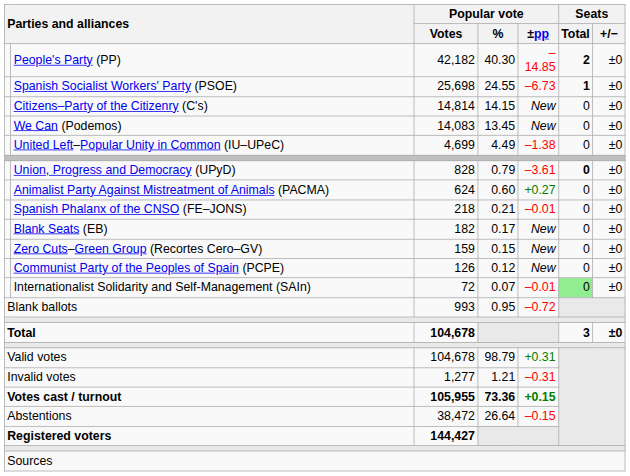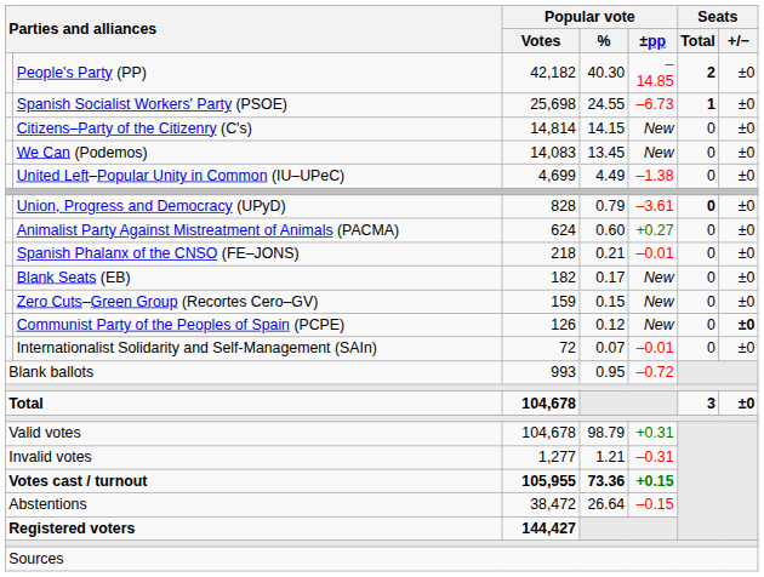 <table class="wikitable" style="text-align:right;">
 <tr>
 <th style="text-align:left;" rowspan="2" colspan="2" width="525">Parties and alliances</th>
 <th colspan="3">Popular vote</th>
 <th colspan="2">Seats</th>
 </tr>
 <tr>
 <th width="75">Votes</th>
 <th width="45">%</th>
 <th width="45">±<a href='#'>pp</a></th>
 <th width="35">Total</th>
 <th width="35">+/−</th>
 </tr>
 <tr>
 <td width="1" style="color:inherit;background:"></td>
 <td align="left"><a href='#'>People's Party</a> (PP)</td>
 <td>42,182</td>
 <td>40.30</td>
 <td style="color:red;">–14.85</td>
 <td><strong>2</strong></td>
 <td>±0</td>
 </tr>
 <tr>
 <td style="color:inherit;background:"></td>
 <td align="left"><a href='#'>Spanish Socialist Workers' Party</a> (PSOE)</td>
 <td>25,698</td>
 <td>24.55</td>
 <td style="color:red;">–6.73</td>
 <td><strong>1</strong></td>
 <td>±0</td>
 </tr>
 <tr>
 <td style="color:inherit;background:"></td>
 <td align="left"><a href='#'>Citizens–Party of the Citizenry</a> (C's)</td>
 <td>14,814</td>
 <td>14.15</td>
 <td><em>New</em></td>
 <td>0</td>
 <td>±0</td>
 </tr>
 <tr>
 <td style="color:inherit;background:"></td>
 <td align="left"><a href='#'>We Can</a> (Podemos)</td>
 <td>14,083</td>
 <td>13.45</td>
 <td><em>New</em></td>
 <td>0</td>
 <td>±0</td>
 </tr>
 <tr>
 <td style="color:inherit;background:"></td>
 <td align="left"><a href='#'>United Left</a>–<a href='#'>Popular Unity in Common</a> (IU–UPeC)</td>
 <td>4,699</td>
 <td>4.49</td>
 <td style="color:red;">–1.38</td>
 <td>0</td>
 <td>±0</td>
 </tr>
 <tr>
 <td colspan="7" bgcolor="#C0C0C0"></td>
 </tr>
 <tr>
 <td style="color:inherit;background:"></td>
 <td align="left"><a href='#'>Union, Progress and Democracy</a> (UPyD)</td>
 <td>828</td>
 <td>0.79</td>
 <td style="color:red;">–3.61</td>
 <td><strong>0</strong></td>
 <td>±0</td>
 </tr>
 <tr>
 <td style="color:inherit;background:"></td>
 <td align="left"><a href='#'>Animalist Party Against Mistreatment of Animals</a> (PACMA)</td>
 <td>624</td>
 <td>0.60</td>
 <td style="color:green;">+0.27</td>
 <td>0</td>
 <td>±0</td>
 </tr>
 <tr>
 <td style="color:inherit;background:"></td>
 <td align="left"><a href='#'>Spanish Phalanx of the CNSO</a> (FE–JONS)</td>
 <td>218</td>
 <td>0.21</td>
 <td style="color:red;">–0.01</td>
 <td>0</td>
 <td>±0</td>
 </tr>
 <tr>
 <td style="color:inherit;background:"></td>
 <td align="left"><a href='#'>Blank Seats</a> (EB)</td>
 <td>182</td>
 <td>0.17</td>
 <td><em>New</em></td>
 <td>0</td>
 <td>±0</td>
 </tr>
 <tr>
 <td style="color:inherit;background:"></td>
 <td align="left"><a href='#'>Zero Cuts</a>–<a href='#'>Green Group</a> (Recortes Cero–GV)</td>
 <td>159</td>
 <td>0.15</td>
 <td><em>New</em></td>
 <td>0</td>
 <td>±0</td>
 </tr>
 <tr>
 <td style="color:inherit;background:"></td>
 <td align="left"><a href='#'>Communist Party of the Peoples of Spain</a> (PCPE)</td>
 <td>126</td>
 <td>0.12</td>
 <td><em>New</em></td>
 <td>0</td>
-<td>±0</td>
+<td><strong>±0</strong></td>
 </tr>
 <tr>
 <td style="color:inherit;background:"></td>
 <td align="left">Internationalist Solidarity and Self-Management (SAIn)</td>
 <td>72</td>
 <td>0.07</td>
 <td style="color:red;">–0.01</td>
-<td style="background: lightgreen;">0</td>
+<td>0</td>
 <td>±0</td>
 </tr>
 <tr>
 <td align="left" colspan="2">Blank ballots</td>
 <td>993</td>
 <td>0.95</td>
 <td style="color:red;">–0.72</td>
 <td bgcolor="#E9E9E9" colspan="2"></td>
 </tr>
 <tr>
 <td colspan="7" bgcolor="#E9E9E9"></td>
 </tr>
 <tr style="font-weight:bold;">
 <td align="left" colspan="2">Total</td>
 <td>104,678</td>
 <td bgcolor="#E9E9E9" colspan="2"></td>
 <td>3</td>
 <td>±0</td>
 </tr>
 <tr>
 <td colspan="7" bgcolor="#E9E9E9"></td>
 </tr>
 <tr>
 <td align="left" colspan="2">Valid votes</td>
 <td>104,678</td>
 <td>98.79</td>
 <td style="color:green;">+0.31</td>
 <td bgcolor="#E9E9E9" colspan="2" rowspan="5"></td>
 </tr>
 <tr>
 <td align="left" colspan="2">Invalid votes</td>
 <td>1,277</td>
 <td>1.21</td>
 <td style="color:red;">–0.31</td>
 </tr>
 <tr style="font-weight:bold;">
 <td align="left" colspan="2">Votes cast / turnout</td>
 <td>105,955</td>
 <td>73.36</td>
 <td style="color:green;">+0.15</td>
 </tr>
 <tr>
 <td align="left" colspan="2">Abstentions</td>
 <td>38,472</td>
 <td>26.64</td>
 <td style="color:red;">–0.15</td>
 </tr>
 <tr style="font-weight:bold;">
 <td align="left" colspan="2">Registered voters</td>
 <td>144,427</td>
 <td bgcolor="#E9E9E9" colspan="2"></td>
 </tr>
 <tr>
 <td colspan="7" bgcolor="#E9E9E9"></td>
 </tr>
 <tr>
 <td align="left" colspan="7">Sources</td>
 </tr>
 </table>
